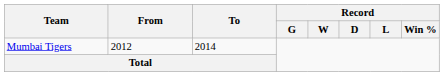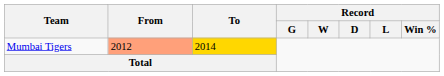 <table class="wikitable" style="text-align: center">
 <tr>
 <th rowspan=2! width=150>Team</th>
 <th rowspan=2! width=120>From</th>
 <th rowspan=2! width=120>To</th>
 <th colspan=7>Record</th>
 </tr>
 <tr>
 <th width=40>G</th>
 <th width=40>W</th>
 <th width=40>D</th>
 <th width=40>L</th>
 <th width=50>Win %</th>
 </tr>
 <tr>
 <td align=left><a href='#'>Mumbai Tigers</a></td>
-<td align=left>2012</td>
-<td align=left>2014<br></td>
+<td align=left style="background: lightsalmon;">2012</td>
+<td align=left style="background: gold;">2014<br></td>
 </tr>
 <tr>
 <th colspan="3">Total<br></th>
 </tr>
 </table>
